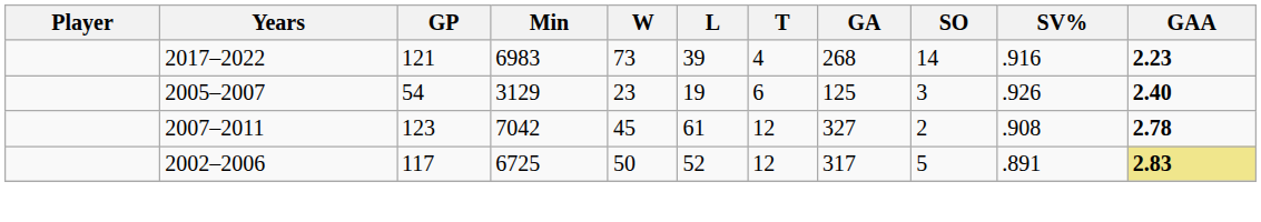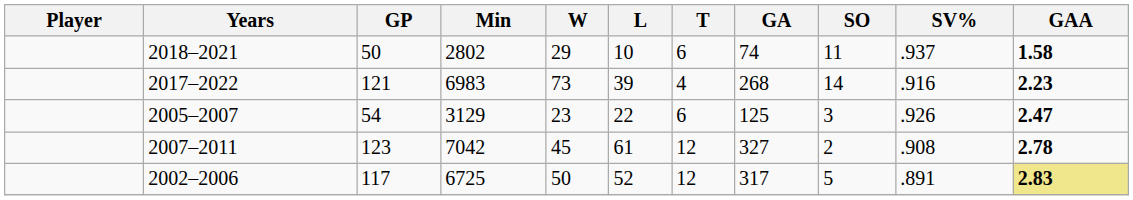 <table class="wikitable sortable" width = 900>
 <tr>
 <th>Player</th>
 <th>Years</th>
 <th>GP</th>
 <th>Min</th>
 <th>W</th>
 <th>L</th>
 <th>T</th>
 <th>GA</th>
 <th>SO</th>
 <th>SV%</th>
 <th>GAA</th>
+</tr>
+<tr>
+<td></td>
+<td>2018–2021</td>
+<td>50</td>
+<td>2802</td>
+<td>29</td>
+<td>10</td>
+<td>6</td>
+<td>74</td>
+<td>11</td>
+<td>.937</td>
+<td><strong>1.58</strong></td>
 </tr>
 <tr>
 <td></td>
 <td>2017–2022</td>
 <td>121</td>
 <td>6983</td>
 <td>73</td>
 <td>39</td>
 <td>4</td>
 <td>268</td>
 <td>14</td>
 <td>.916</td>
 <td><strong>2.23</strong></td>
 </tr>
 <tr>
 <td></td>
 <td>2005–2007</td>
 <td>54</td>
 <td>3129</td>
 <td>23</td>
-<td>19</td>
+<td>22</td>
 <td>6</td>
 <td>125</td>
 <td>3</td>
 <td>.926</td>
-<td><strong>2.40</strong></td>
+<td><strong>2.47</strong></td>
 </tr>
 <tr>
 <td></td>
 <td>2007–2011</td>
 <td>123</td>
 <td>7042</td>
 <td>45</td>
 <td>61</td>
 <td>12</td>
 <td>327</td>
 <td>2</td>
 <td>.908</td>
 <td><strong>2.78</strong></td>
 </tr>
 <tr>
 <td></td>
 <td>2002–2006</td>
 <td>117</td>
 <td>6725</td>
 <td>50</td>
 <td>52</td>
 <td>12</td>
 <td>317</td>
 <td>5</td>
 <td>.891</td>
 <td style="background: khaki;"><strong>2.83</strong></td>
 </tr>
 <tr>
 </tr>
 </table>
